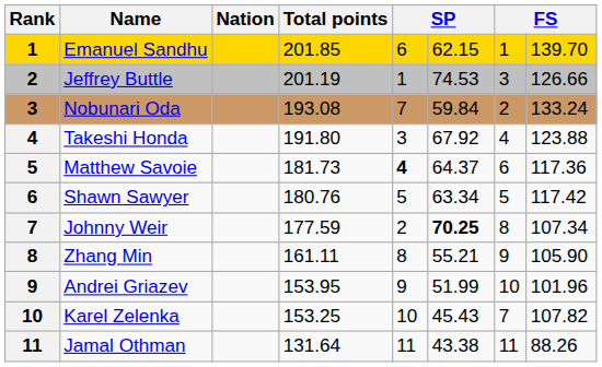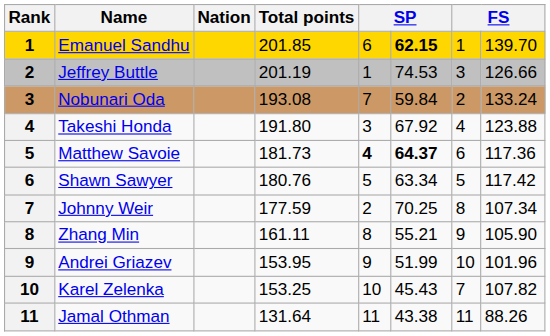 <table class="wikitable">
 <tr>
 <th>Rank</th>
 <th>Name</th>
 <th>Nation</th>
 <th>Total points</th>
 <th colspan="2" width="80px"><a href='#'>SP</a></th>
 <th colspan="2" width="80px"><a href='#'>FS</a></th>
 </tr>
 <tr bgcolor="gold">
 <td align="center"><strong>1</strong></td>
 <td><a href='#'>Emanuel Sandhu</a></td>
 <td></td>
 <td>201.85</td>
 <td>6</td>
-<td>62.15</td>
+<td><strong>62.15</strong></td>
 <td>1</td>
 <td>139.70</td>
 </tr>
 <tr bgcolor="silver">
 <td align="center"><strong>2</strong></td>
 <td><a href='#'>Jeffrey Buttle</a></td>
 <td></td>
 <td>201.19</td>
 <td>1</td>
 <td>74.53</td>
 <td>3</td>
 <td>126.66</td>
 </tr>
 <tr bgcolor="cc9966">
 <td align="center"><strong>3</strong></td>
 <td><a href='#'>Nobunari Oda</a></td>
 <td></td>
 <td>193.08</td>
 <td>7</td>
 <td>59.84</td>
 <td>2</td>
 <td>133.24</td>
 </tr>
 <tr>
 <th>4</th>
 <td><a href='#'>Takeshi Honda</a></td>
 <td></td>
 <td>191.80</td>
 <td>3</td>
 <td>67.92</td>
 <td>4</td>
 <td>123.88</td>
 </tr>
 <tr>
 <th>5</th>
 <td><a href='#'>Matthew Savoie</a></td>
 <td></td>
 <td>181.73</td>
 <td><strong>4</strong></td>
-<td>64.37</td>
+<td><strong>64.37</strong></td>
 <td>6</td>
 <td>117.36</td>
 </tr>
 <tr>
 <th>6</th>
 <td><a href='#'>Shawn Sawyer</a></td>
 <td></td>
 <td>180.76</td>
 <td>5</td>
 <td>63.34</td>
 <td>5</td>
 <td>117.42</td>
 </tr>
 <tr>
 <th>7</th>
 <td><a href='#'>Johnny Weir</a></td>
 <td></td>
 <td>177.59</td>
 <td>2</td>
-<td><strong>70.25</strong></td>
+<td>70.25</td>
 <td>8</td>
 <td>107.34</td>
 </tr>
 <tr>
 <th>8</th>
 <td><a href='#'>Zhang Min</a></td>
 <td></td>
 <td>161.11</td>
 <td>8</td>
 <td>55.21</td>
 <td>9</td>
 <td>105.90</td>
 </tr>
 <tr>
 <th>9</th>
 <td><a href='#'>Andrei Griazev</a></td>
 <td></td>
 <td>153.95</td>
 <td>9</td>
 <td>51.99</td>
 <td>10</td>
 <td>101.96</td>
 </tr>
 <tr>
 <th>10</th>
 <td><a href='#'>Karel Zelenka</a></td>
 <td></td>
 <td>153.25</td>
 <td>10</td>
 <td>45.43</td>
 <td>7</td>
 <td>107.82</td>
 </tr>
 <tr>
 <th>11</th>
 <td><a href='#'>Jamal Othman</a></td>
 <td></td>
 <td>131.64</td>
 <td>11</td>
 <td>43.38</td>
 <td>11</td>
 <td>88.26</td>
 </tr>
 </table>
